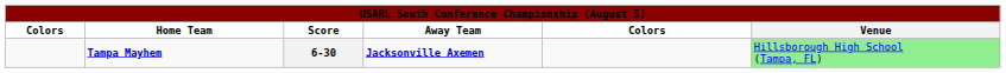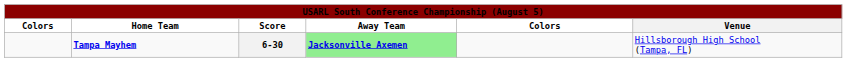 <table class="wikitable" style="width: 99%">
 <tr>
 <td colspan="6" align="center" bgcolor="darkred"><strong><span>USARL South Conference Championship (August 5)</span></strong></td>
 </tr>
 <tr>
 <th style="background:white; width:8%">Colors</th>
 <th style="background:white; width:20%">Home Team</th>
 <th style="background:white; width:8%">Score</th>
 <th style="background:white; width:18%">Away Team</th>
 <th style="background:white; width:21%">Colors</th>
 <th>Venue</th>
 </tr>
 <tr>
 <td></td>
 <td><strong><a href='#'>Tampa Mayhem</a></strong></td>
 <th>6-30</th>
-<td><strong><a href='#'>Jacksonville Axemen</a></strong></td>
+<td style="background: lightgreen;"><strong><a href='#'>Jacksonville Axemen</a></strong></td>
 <td></td>
-<td style="background: lightgreen;"><a href='#'>Hillsborough High School</a><br>(<a href='#'>Tampa, FL</a>)</td>
+<td><a href='#'>Hillsborough High School</a><br>(<a href='#'>Tampa, FL</a>)</td>
 </tr>
 </table>
